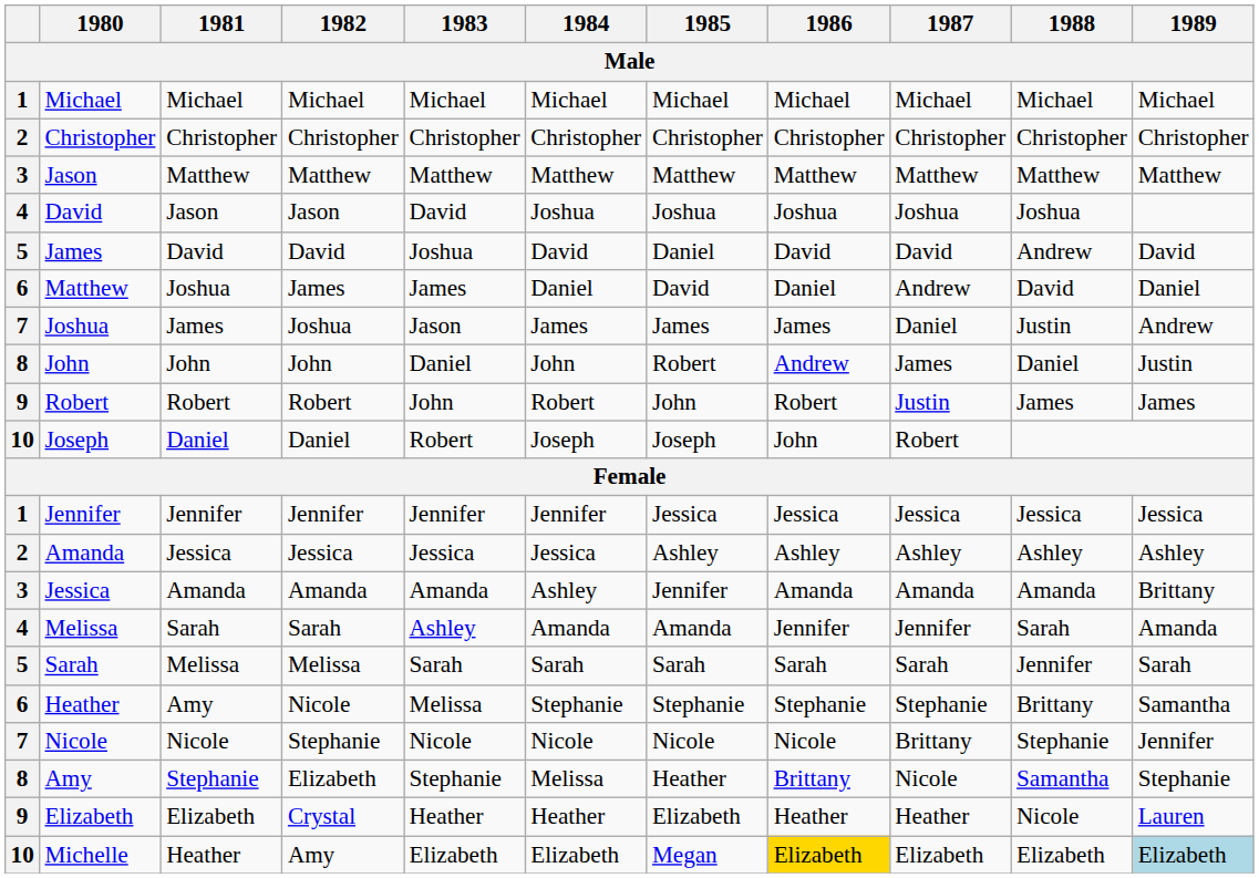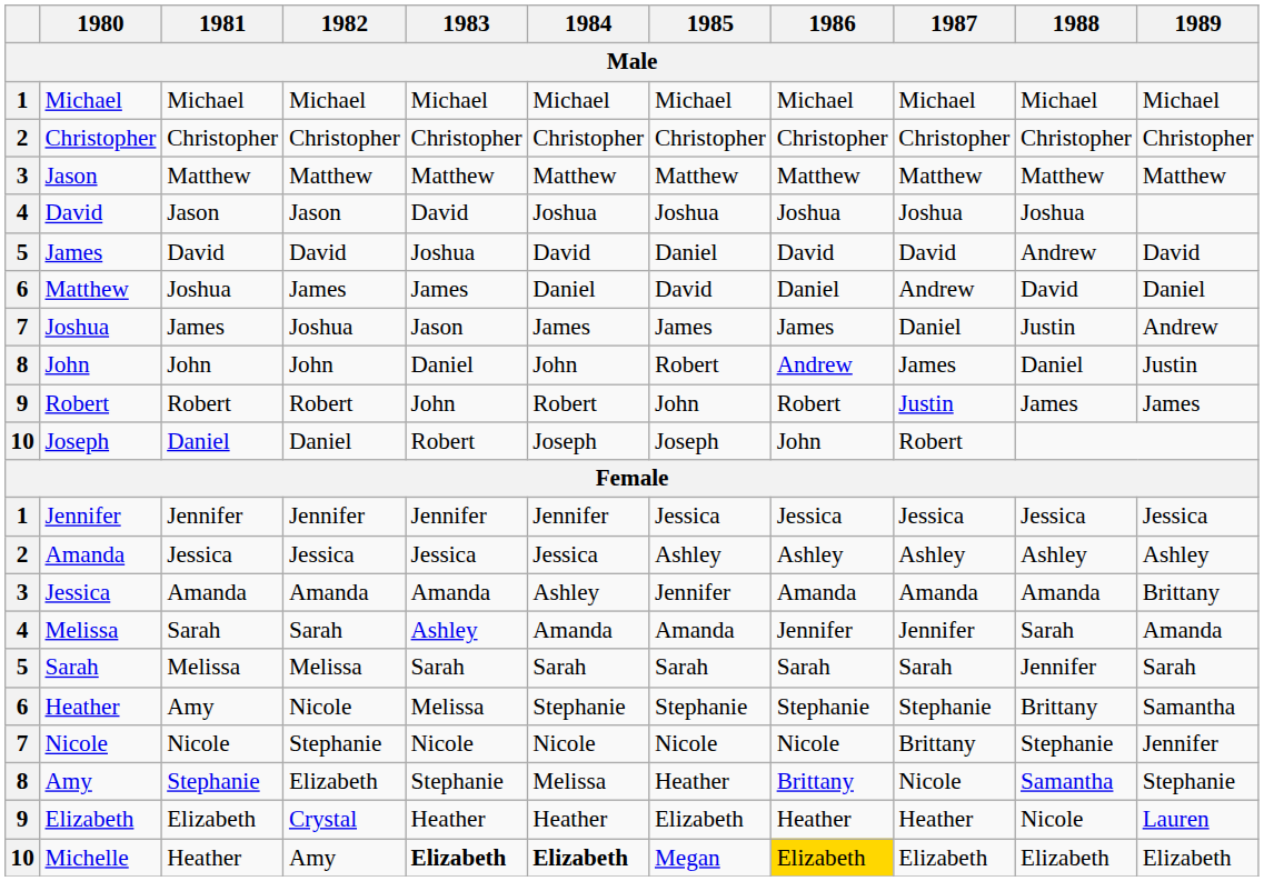 <table class="wikitable" style="font-size:98%;">
 <tr>
 <th></th>
 <th>1980</th>
 <th>1981</th>
 <th>1982</th>
 <th>1983</th>
 <th>1984</th>
 <th>1985</th>
 <th>1986</th>
 <th>1987</th>
 <th>1988</th>
 <th>1989</th>
 </tr>
 <tr>
 <th colspan=11>Male</th>
 </tr>
 <tr>
 <th>1</th>
 <td><a href='#'>Michael</a></td>
 <td>Michael</td>
 <td>Michael</td>
 <td>Michael</td>
 <td>Michael</td>
 <td>Michael</td>
 <td>Michael</td>
 <td>Michael</td>
 <td>Michael</td>
 <td>Michael</td>
 </tr>
 <tr>
 <th>2</th>
 <td><a href='#'>Christopher</a></td>
 <td>Christopher</td>
 <td>Christopher</td>
 <td>Christopher</td>
 <td>Christopher</td>
 <td>Christopher</td>
 <td>Christopher</td>
 <td>Christopher</td>
 <td>Christopher</td>
 <td>Christopher</td>
 </tr>
 <tr>
 <th>3</th>
 <td><a href='#'>Jason</a></td>
 <td>Matthew</td>
 <td>Matthew</td>
 <td>Matthew</td>
 <td>Matthew</td>
 <td>Matthew</td>
 <td>Matthew</td>
 <td>Matthew</td>
 <td>Matthew</td>
 <td>Matthew</td>
 </tr>
 <tr>
 <th>4</th>
 <td><a href='#'>David</a></td>
 <td>Jason</td>
 <td>Jason</td>
 <td>David</td>
 <td>Joshua</td>
 <td>Joshua</td>
 <td>Joshua</td>
 <td>Joshua</td>
 <td>Joshua</td>
 </tr>
 <tr>
 <th>5</th>
 <td><a href='#'>James</a></td>
 <td>David</td>
 <td>David</td>
 <td>Joshua</td>
 <td>David</td>
 <td>Daniel</td>
 <td>David</td>
 <td>David</td>
 <td>Andrew</td>
 <td>David</td>
 </tr>
 <tr>
 <th>6</th>
 <td><a href='#'>Matthew</a></td>
 <td>Joshua</td>
 <td>James</td>
 <td>James</td>
 <td>Daniel</td>
 <td>David</td>
 <td>Daniel</td>
 <td>Andrew</td>
 <td>David</td>
 <td>Daniel</td>
 </tr>
 <tr>
 <th>7</th>
 <td><a href='#'>Joshua</a></td>
 <td>James</td>
 <td>Joshua</td>
 <td>Jason</td>
 <td>James</td>
 <td>James</td>
 <td>James</td>
 <td>Daniel</td>
 <td>Justin</td>
 <td>Andrew</td>
 </tr>
 <tr>
 <th>8</th>
 <td><a href='#'>John</a></td>
 <td>John</td>
 <td>John</td>
 <td>Daniel</td>
 <td>John</td>
 <td>Robert</td>
 <td><a href='#'>Andrew</a></td>
 <td>James</td>
 <td>Daniel</td>
 <td>Justin</td>
 </tr>
 <tr>
 <th>9</th>
 <td><a href='#'>Robert</a></td>
 <td>Robert</td>
 <td>Robert</td>
 <td>John</td>
 <td>Robert</td>
 <td>John</td>
 <td>Robert</td>
 <td><a href='#'>Justin</a></td>
 <td>James</td>
 <td>James</td>
 </tr>
 <tr>
 <th>10</th>
 <td><a href='#'>Joseph</a></td>
 <td><a href='#'>Daniel</a></td>
 <td>Daniel</td>
 <td>Robert</td>
 <td>Joseph</td>
 <td>Joseph</td>
 <td>John</td>
 <td>Robert</td>
 </tr>
 <tr>
 <th colspan=11>Female</th>
 </tr>
 <tr>
 <th>1</th>
 <td><a href='#'>Jennifer</a></td>
 <td>Jennifer</td>
 <td>Jennifer</td>
 <td>Jennifer</td>
 <td>Jennifer</td>
 <td>Jessica</td>
 <td>Jessica</td>
 <td>Jessica</td>
 <td>Jessica</td>
 <td>Jessica</td>
 </tr>
 <tr>
 <th>2</th>
 <td><a href='#'>Amanda</a></td>
 <td>Jessica</td>
 <td>Jessica</td>
 <td>Jessica</td>
 <td>Jessica</td>
 <td>Ashley</td>
 <td>Ashley</td>
 <td>Ashley</td>
 <td>Ashley</td>
 <td>Ashley</td>
 </tr>
 <tr>
 <th>3</th>
 <td><a href='#'>Jessica</a></td>
 <td>Amanda</td>
 <td>Amanda</td>
 <td>Amanda</td>
 <td>Ashley</td>
 <td>Jennifer</td>
 <td>Amanda</td>
 <td>Amanda</td>
 <td>Amanda</td>
 <td>Brittany</td>
 </tr>
 <tr>
 <th>4</th>
 <td><a href='#'>Melissa</a></td>
 <td>Sarah</td>
 <td>Sarah</td>
 <td><a href='#'>Ashley</a></td>
 <td>Amanda</td>
 <td>Amanda</td>
 <td>Jennifer</td>
 <td>Jennifer</td>
 <td>Sarah</td>
 <td>Amanda</td>
 </tr>
 <tr>
 <th>5</th>
 <td><a href='#'>Sarah</a></td>
 <td>Melissa</td>
 <td>Melissa</td>
 <td>Sarah</td>
 <td>Sarah</td>
 <td>Sarah</td>
 <td>Sarah</td>
 <td>Sarah</td>
 <td>Jennifer</td>
 <td>Sarah</td>
 </tr>
 <tr>
 <th>6</th>
 <td><a href='#'>Heather</a></td>
 <td>Amy</td>
 <td>Nicole</td>
 <td>Melissa</td>
 <td>Stephanie</td>
 <td>Stephanie</td>
 <td>Stephanie</td>
 <td>Stephanie</td>
 <td>Brittany</td>
 <td>Samantha</td>
 </tr>
 <tr>
 <th>7</th>
 <td><a href='#'>Nicole</a></td>
 <td>Nicole</td>
 <td>Stephanie</td>
 <td>Nicole</td>
 <td>Nicole</td>
 <td>Nicole</td>
 <td>Nicole</td>
 <td>Brittany</td>
 <td>Stephanie</td>
 <td>Jennifer</td>
 </tr>
 <tr>
 <th>8</th>
 <td><a href='#'>Amy</a></td>
 <td><a href='#'>Stephanie</a></td>
 <td>Elizabeth</td>
 <td>Stephanie</td>
 <td>Melissa</td>
 <td>Heather</td>
 <td><a href='#'>Brittany</a></td>
 <td>Nicole</td>
 <td><a href='#'>Samantha</a></td>
 <td>Stephanie</td>
 </tr>
 <tr>
 <th>9</th>
 <td><a href='#'>Elizabeth</a></td>
 <td>Elizabeth</td>
 <td><a href='#'>Crystal</a></td>
 <td>Heather</td>
 <td>Heather</td>
 <td>Elizabeth</td>
 <td>Heather</td>
 <td>Heather</td>
 <td>Nicole</td>
 <td><a href='#'>Lauren</a></td>
 </tr>
 <tr>
 <th>10</th>
 <td><a href='#'>Michelle</a></td>
 <td>Heather</td>
 <td>Amy</td>
-<td>Elizabeth</td>
-<td>Elizabeth</td>
+<td><strong>Elizabeth</strong></td>
+<td><strong>Elizabeth</strong></td>
 <td><a href='#'>Megan</a></td>
 <td style="background: gold;">Elizabeth</td>
 <td>Elizabeth</td>
 <td>Elizabeth</td>
-<td style="background: lightblue;">Elizabeth</td>
+<td>Elizabeth</td>
 </tr>
 </table>
